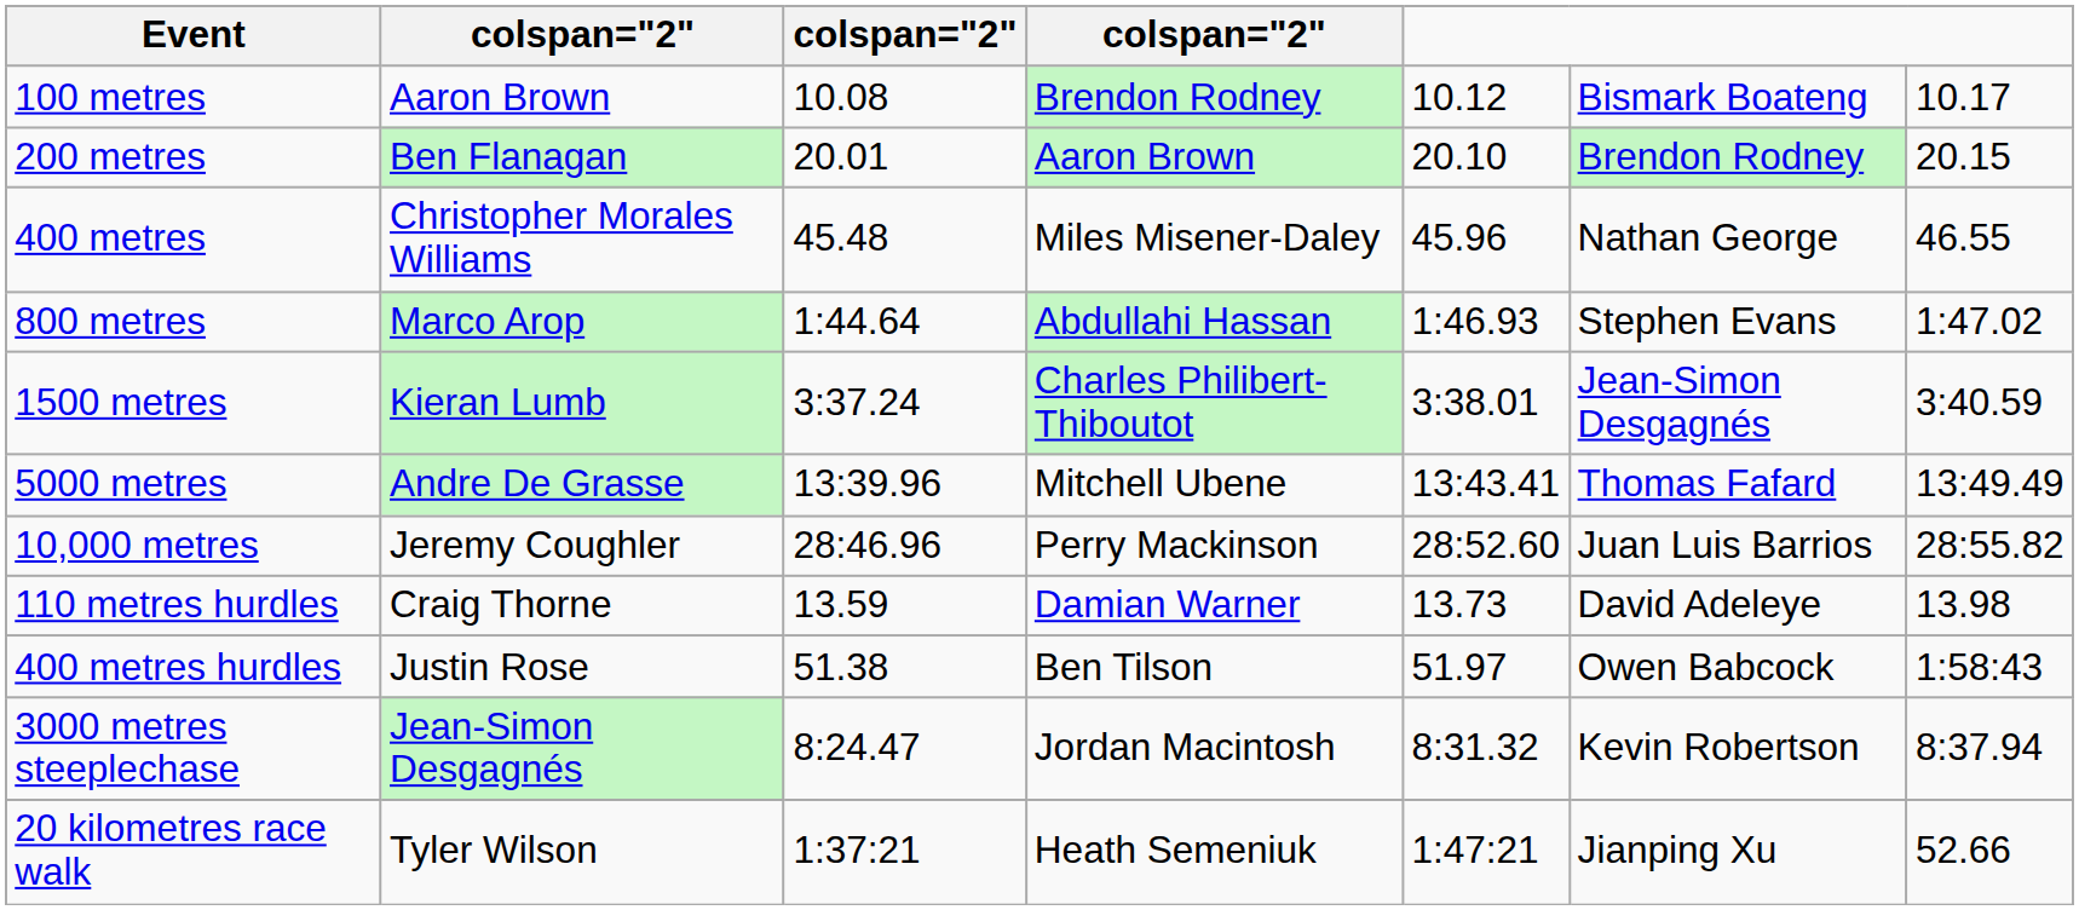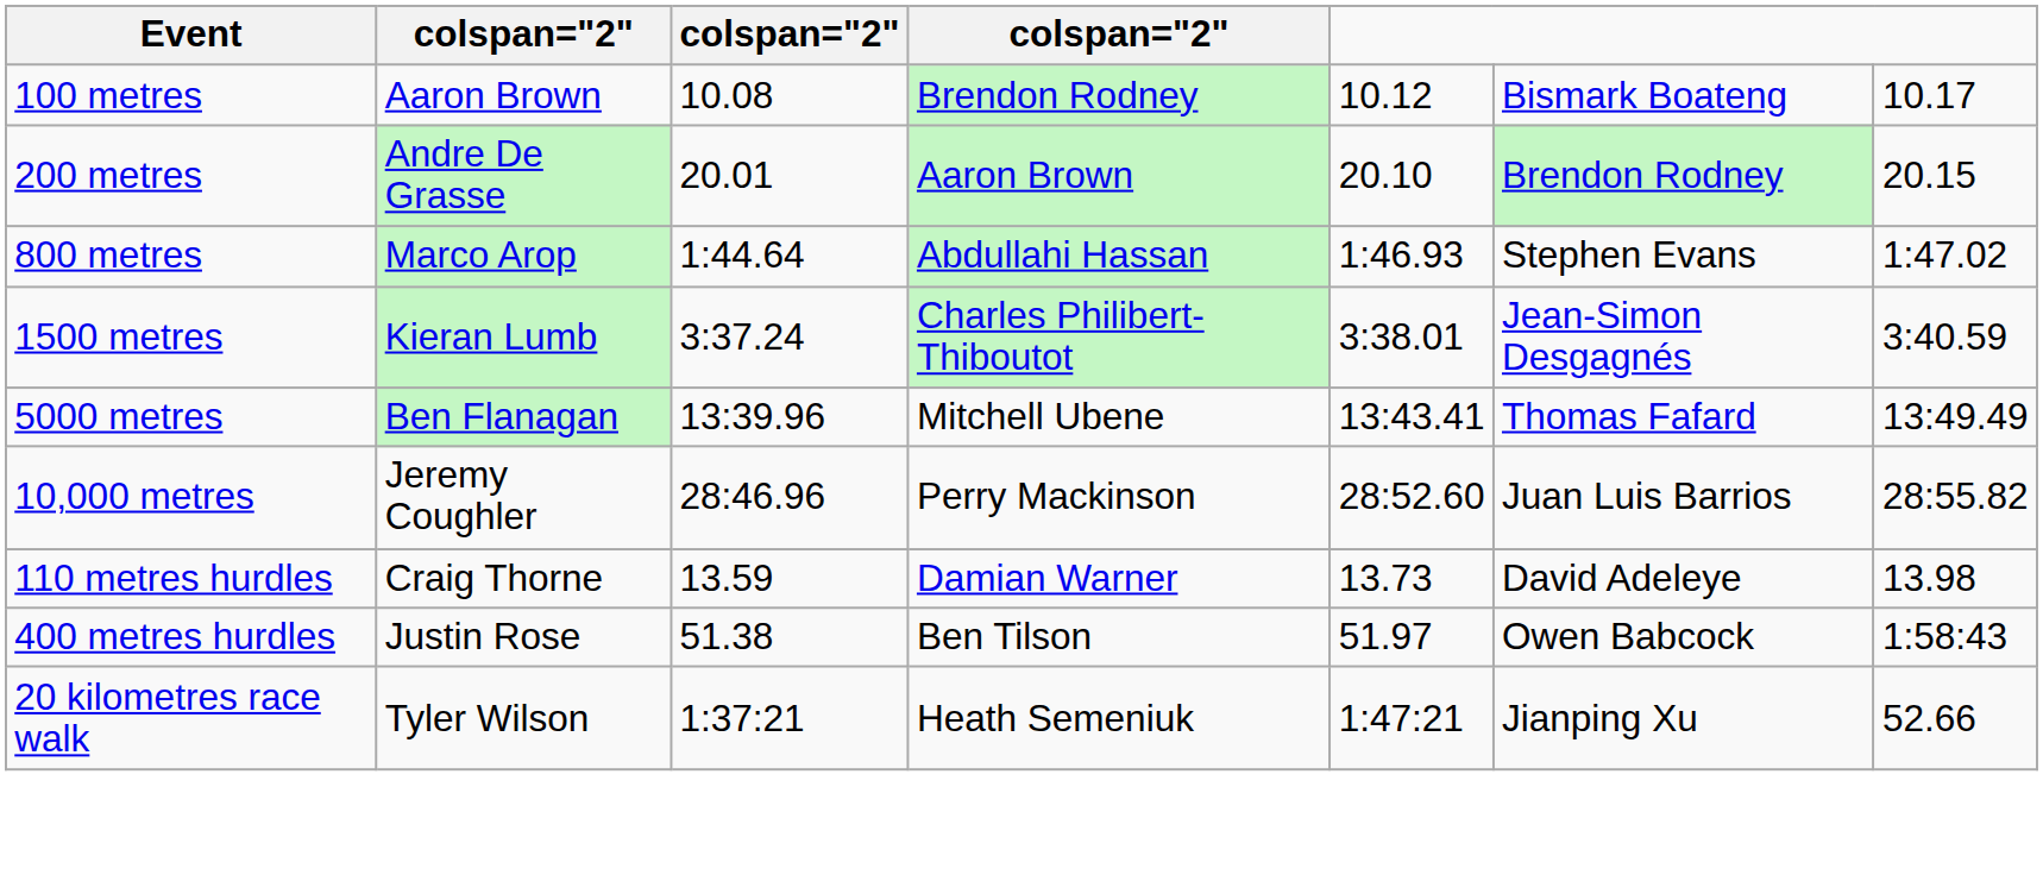 <table class="wikitable">
 <tr>
 <th>Event</th>
 <th>colspan="2" </th>
 <th>colspan="2" </th>
 <th>colspan="2" </th>
 </tr>
 <tr>
 <td><a href='#'>100 metres</a></td>
 <td><a href='#'>Aaron Brown</a></td>
 <td>10.08</td>
 <td bgcolor=#C4F7C4><a href='#'>Brendon Rodney</a></td>
 <td>10.12</td>
 <td><a href='#'>Bismark Boateng</a></td>
 <td>10.17</td>
 </tr>
 <tr>
 <td><a href='#'>200 metres</a></td>
-<td bgcolor=#C4F7C4><a href='#'>Ben Flanagan</a></td>
+<td bgcolor=#C4F7C4><a href='#'>Andre De Grasse</a></td>
 <td>20.01</td>
 <td bgcolor=#C4F7C4><a href='#'>Aaron Brown</a></td>
 <td>20.10</td>
 <td bgcolor=#C4F7C4><a href='#'>Brendon Rodney</a></td>
 <td>20.15</td>
-</tr>
-<tr>
-<td><a href='#'>400 metres</a></td>
-<td><a href='#'>Christopher Morales Williams</a></td>
-<td>45.48</td>
-<td>Miles Misener-Daley</td>
-<td>45.96</td>
-<td>Nathan George</td>
-<td>46.55</td>
 </tr>
 <tr>
 <td><a href='#'>800 metres</a></td>
 <td bgcolor=#C4F7C4><a href='#'>Marco Arop</a></td>
 <td>1:44.64</td>
 <td bgcolor=#C4F7C4><a href='#'>Abdullahi Hassan</a></td>
 <td>1:46.93</td>
 <td>Stephen Evans</td>
 <td>1:47.02</td>
 </tr>
 <tr>
 <td><a href='#'>1500 metres</a></td>
 <td bgcolor=#C4F7C4><a href='#'>Kieran Lumb</a></td>
 <td>3:37.24</td>
 <td bgcolor=#C4F7C4><a href='#'>Charles Philibert-Thiboutot</a></td>
 <td>3:38.01</td>
 <td><a href='#'>Jean-Simon Desgagnés</a></td>
 <td>3:40.59</td>
 </tr>
 <tr>
 <td><a href='#'>5000 metres</a></td>
-<td bgcolor=#C4F7C4><a href='#'>Andre De Grasse</a></td>
+<td bgcolor=#C4F7C4><a href='#'>Ben Flanagan</a></td>
 <td>13:39.96</td>
 <td>Mitchell Ubene</td>
 <td>13:43.41</td>
 <td><a href='#'>Thomas Fafard</a></td>
 <td>13:49.49</td>
 </tr>
 <tr>
 <td><a href='#'>10,000 metres</a></td>
 <td>Jeremy Coughler</td>
 <td>28:46.96</td>
 <td>Perry Mackinson</td>
 <td>28:52.60</td>
 <td>Juan Luis Barrios</td>
 <td>28:55.82</td>
 </tr>
 <tr>
 <td><a href='#'>110 metres hurdles</a></td>
 <td>Craig Thorne</td>
 <td>13.59</td>
 <td><a href='#'>Damian Warner</a></td>
 <td>13.73</td>
 <td>David Adeleye</td>
 <td>13.98</td>
 </tr>
 <tr>
 <td><a href='#'>400 metres hurdles</a></td>
 <td>Justin Rose</td>
 <td>51.38</td>
 <td>Ben Tilson</td>
 <td>51.97</td>
 <td>Owen Babcock</td>
 <td>1:58:43</td>
 </tr>
 <tr>
-<td><a href='#'>3000 metres steeplechase</a></td>
-<td bgcolor=#C4F7C4><a href='#'>Jean-Simon Desgagnés</a></td>
-<td>8:24.47</td>
-<td>Jordan Macintosh</td>
-<td>8:31.32</td>
-<td>Kevin Robertson</td>
-<td>8:37.94</td>
-</tr>
-<tr>
 <td><a href='#'>20 kilometres race walk</a></td>
 <td>Tyler Wilson</td>
 <td>1:37:21</td>
 <td>Heath Semeniuk</td>
 <td>1:47:21</td>
 <td>Jianping Xu</td>
 <td>52.66</td>
 </tr>
 </table>
